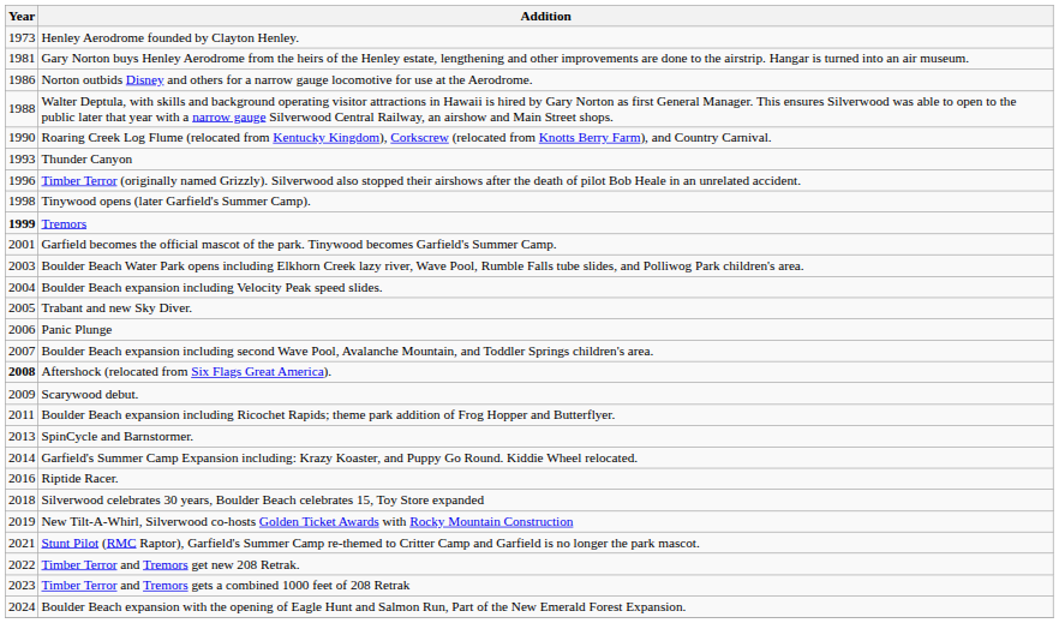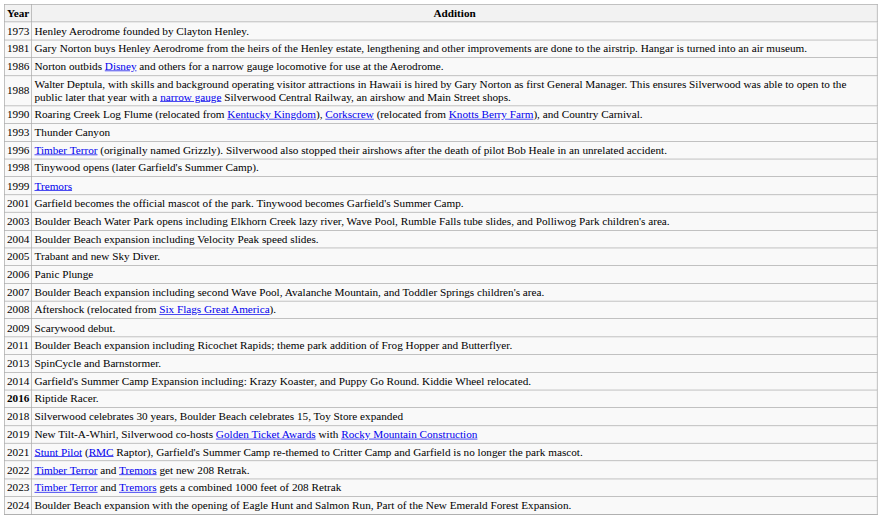 <table class=wikitable>
 <tr>
 <th>Year</th>
 <th>Addition</th>
 </tr>
 <tr>
 <td>1973</td>
 <td>Henley Aerodrome founded by Clayton Henley.</td>
 </tr>
 <tr>
 <td>1981</td>
 <td>Gary Norton buys Henley Aerodrome from the heirs of the Henley estate, lengthening and other improvements are done to the airstrip. Hangar is turned into an air museum.</td>
 </tr>
 <tr>
 <td>1986</td>
 <td>Norton outbids <a href='#'>Disney</a> and others for a narrow gauge locomotive for use at the Aerodrome.</td>
 </tr>
 <tr>
 <td>1988</td>
 <td>Walter Deptula, with skills and background operating visitor attractions in Hawaii is hired by Gary Norton as first General Manager. This ensures Silverwood was able to open to the public later that year with a  <a href='#'>narrow gauge</a> Silverwood Central Railway, an airshow and Main Street shops.</td>
 </tr>
 <tr>
 <td>1990</td>
 <td>Roaring Creek Log Flume (relocated from <a href='#'>Kentucky Kingdom</a>), <a href='#'>Corkscrew</a> (relocated from <a href='#'>Knotts Berry Farm</a>), and Country Carnival.</td>
 </tr>
 <tr>
 <td>1993</td>
 <td>Thunder Canyon</td>
 </tr>
 <tr>
 <td>1996</td>
 <td><a href='#'>Timber Terror</a> (originally named Grizzly). Silverwood also stopped their airshows after the death of pilot Bob Heale in an unrelated accident.</td>
 </tr>
 <tr>
 <td>1998</td>
 <td>Tinywood opens (later Garfield's Summer Camp).</td>
 </tr>
 <tr>
-<td><strong>1999</strong></td>
+<td>1999</td>
 <td><a href='#'>Tremors</a></td>
 </tr>
 <tr>
 <td>2001</td>
 <td>Garfield becomes the official mascot of the park. Tinywood becomes Garfield's Summer Camp.</td>
 </tr>
 <tr>
 <td>2003</td>
 <td>Boulder Beach Water Park opens including Elkhorn Creek lazy river, Wave Pool, Rumble Falls tube slides, and Polliwog Park children's area.</td>
 </tr>
 <tr>
 <td>2004</td>
 <td>Boulder Beach expansion including Velocity Peak speed slides.</td>
 </tr>
 <tr>
 <td>2005</td>
 <td>Trabant and new Sky Diver.</td>
 </tr>
 <tr>
 <td>2006</td>
 <td>Panic Plunge</td>
 </tr>
 <tr>
 <td>2007</td>
 <td>Boulder Beach expansion including second Wave Pool, Avalanche Mountain, and Toddler Springs children's area.</td>
 </tr>
 <tr>
-<td><strong>2008</strong></td>
+<td>2008</td>
 <td>Aftershock (relocated from <a href='#'>Six Flags Great America</a>).</td>
 </tr>
 <tr>
 <td>2009</td>
 <td>Scarywood debut.</td>
 </tr>
 <tr>
 <td>2011</td>
 <td>Boulder Beach expansion including Ricochet Rapids; theme park addition of Frog Hopper and Butterflyer.</td>
 </tr>
 <tr>
 <td>2013</td>
 <td>SpinCycle and Barnstormer.</td>
 </tr>
 <tr>
 <td>2014</td>
 <td>Garfield's Summer Camp Expansion including: Krazy Koaster, and Puppy Go Round.  Kiddie Wheel relocated.</td>
 </tr>
 <tr>
-<td>2016</td>
+<td><strong>2016</strong></td>
 <td>Riptide Racer.</td>
 </tr>
 <tr>
 <td>2018</td>
 <td>Silverwood celebrates 30 years, Boulder Beach celebrates 15, Toy Store expanded</td>
 </tr>
 <tr>
 <td>2019</td>
 <td>New Tilt-A-Whirl, Silverwood co-hosts <a href='#'>Golden Ticket Awards</a> with <a href='#'>Rocky Mountain Construction</a></td>
 </tr>
 <tr>
 <td>2021</td>
 <td><a href='#'>Stunt Pilot</a> (<a href='#'>RMC</a> Raptor), Garfield's Summer Camp re-themed to Critter Camp and Garfield is no longer the park mascot.</td>
 </tr>
 <tr>
 <td>2022</td>
 <td><a href='#'>Timber Terror</a> and <a href='#'>Tremors</a> get new 208 Retrak.</td>
 </tr>
 <tr>
 <td>2023</td>
 <td><a href='#'>Timber Terror</a> and <a href='#'>Tremors</a> gets a combined 1000 feet of 208 Retrak</td>
 </tr>
 <tr>
 <td>2024</td>
 <td>Boulder Beach expansion with the opening of Eagle Hunt and Salmon Run, Part of the New Emerald Forest Expansion.</td>
 </tr>
 <tr>
 </tr>
 </table>
